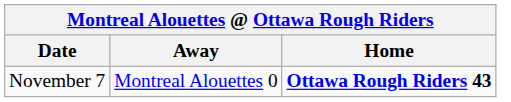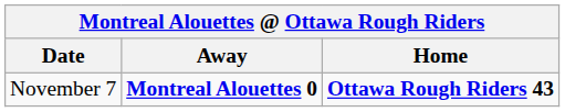 <table class="wikitable">
 <tr>
 <th colspan="3"><a href='#'>Montreal Alouettes</a> @ <a href='#'>Ottawa Rough Riders</a></th>
 </tr>
 <tr>
 <th>Date</th>
 <th>Away</th>
 <th>Home</th>
 </tr>
 <tr>
 <td>November 7</td>
-<td><a href='#'>Montreal Alouettes</a> 0</td>
+<td><strong><a href='#'>Montreal Alouettes</a> 0</strong></td>
 <td><strong><a href='#'>Ottawa Rough Riders</a> 43</strong></td>
 </tr>
 </table>
